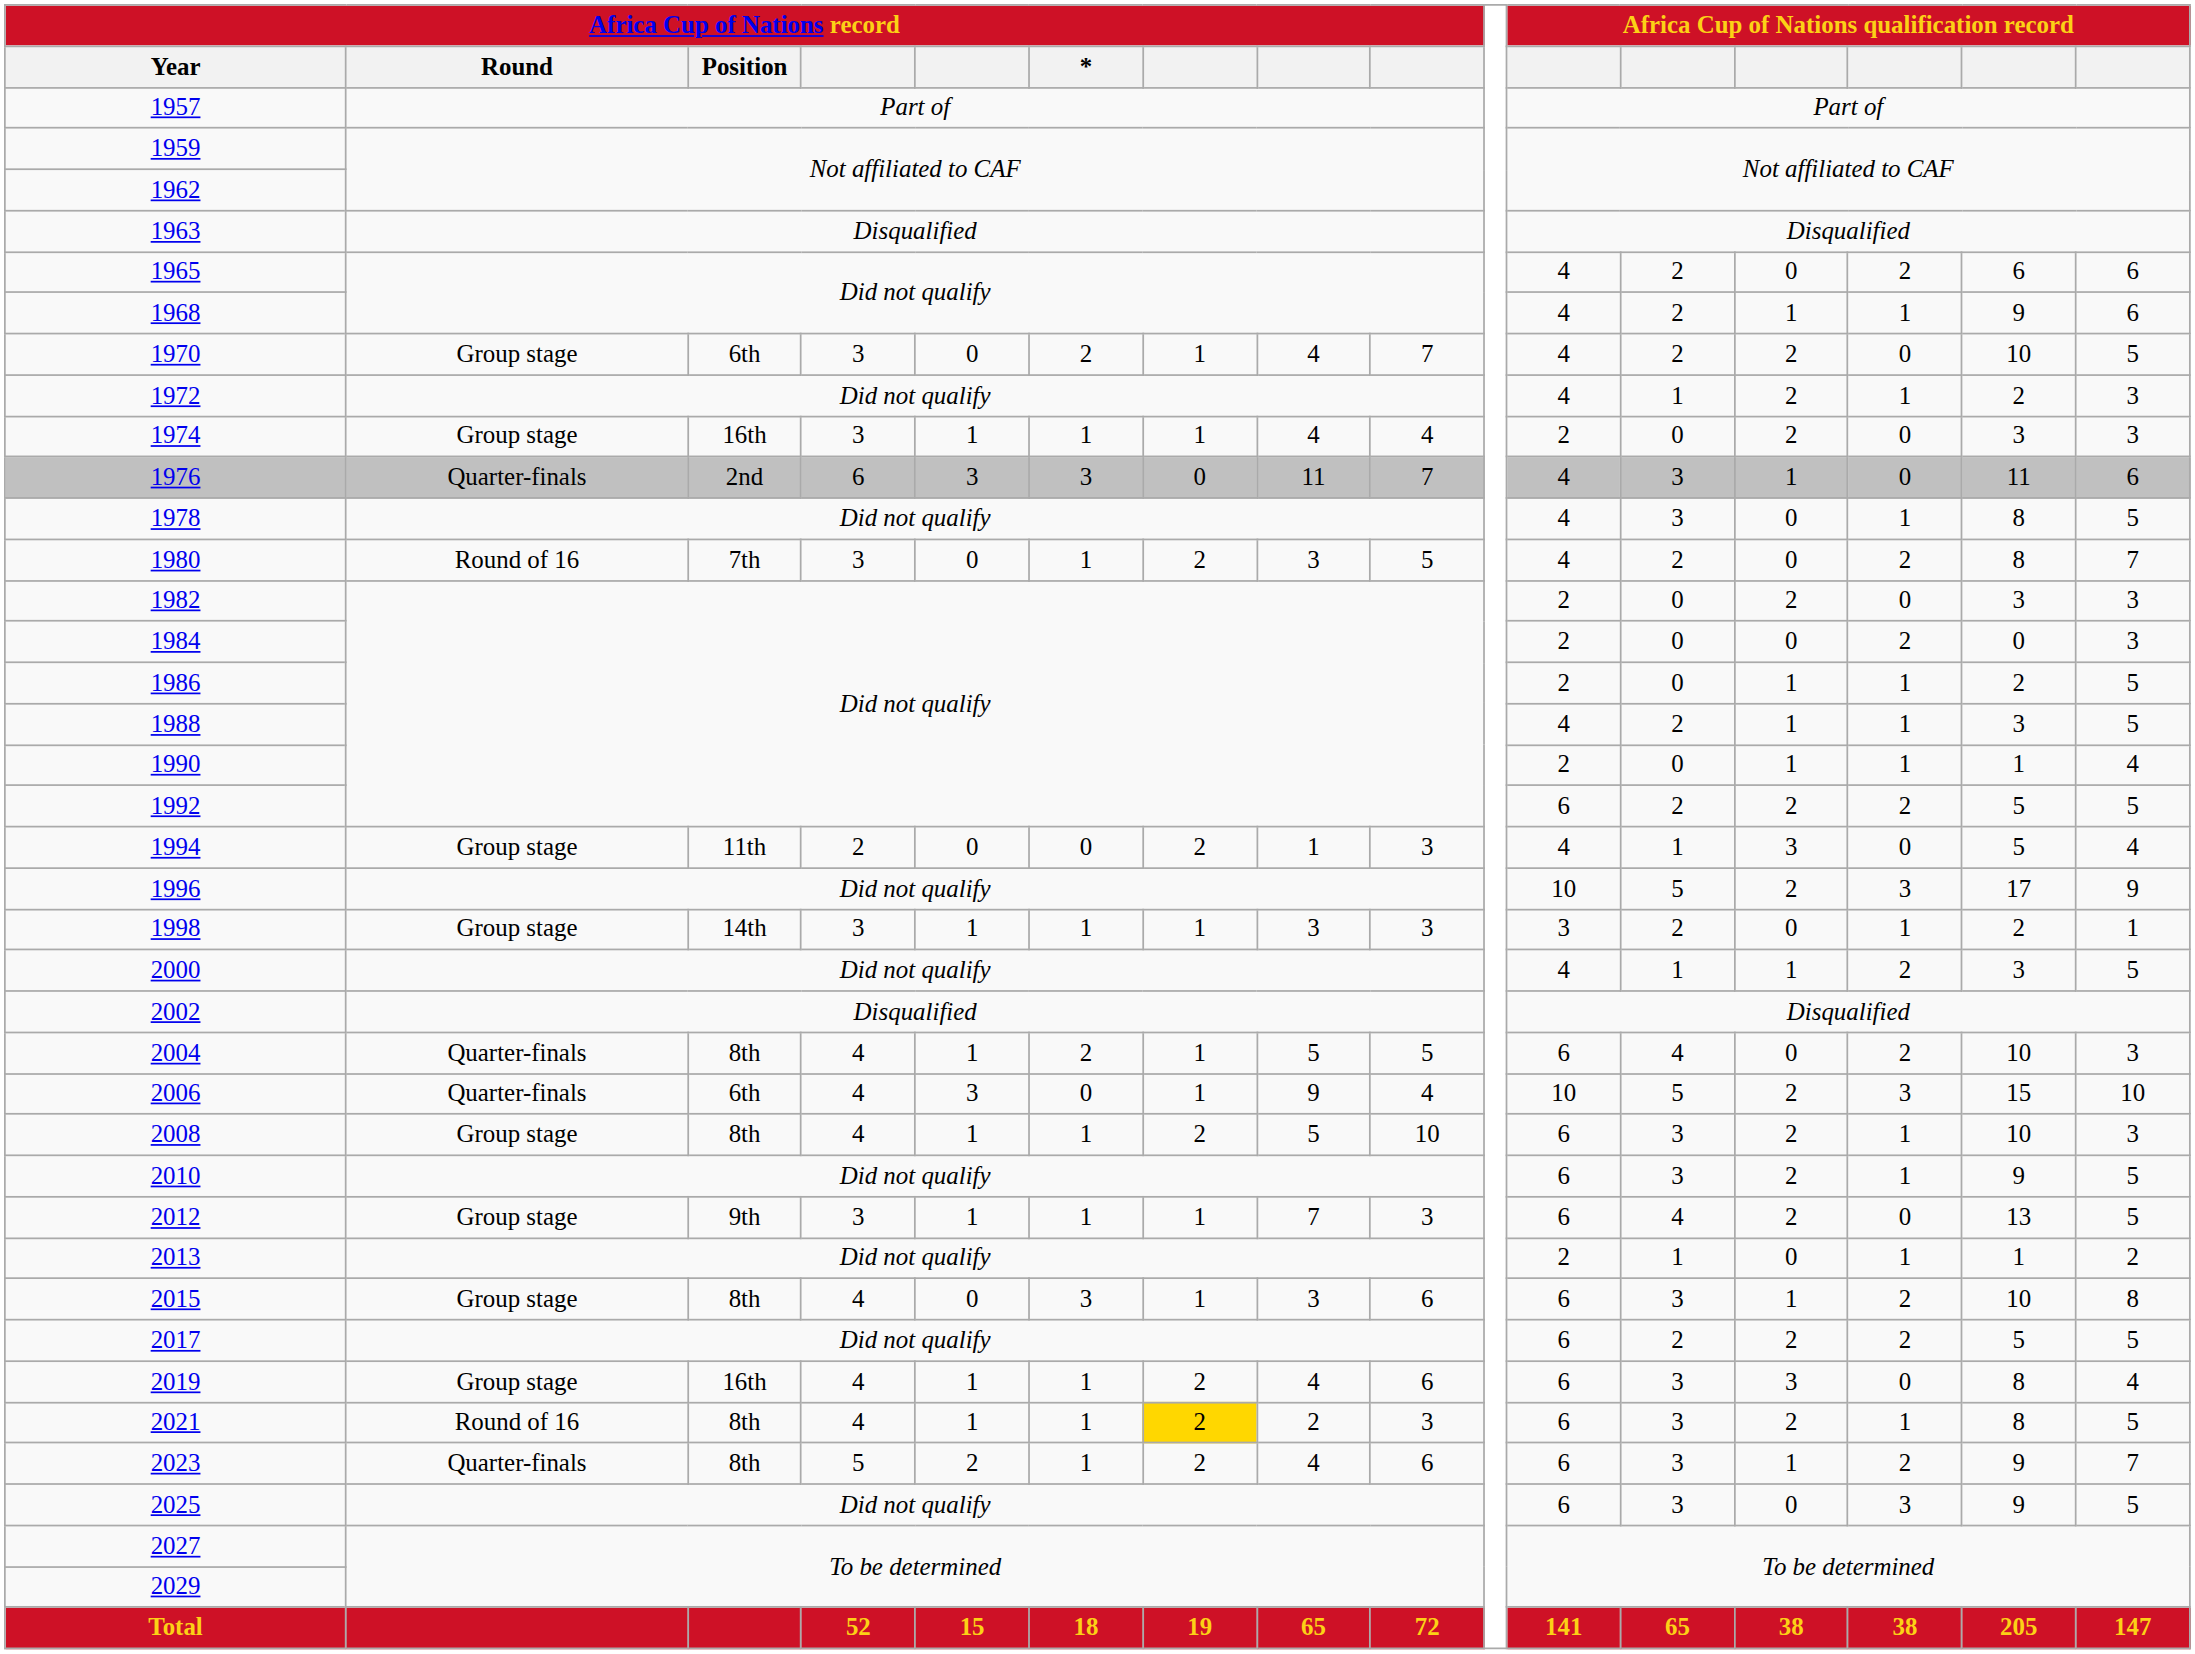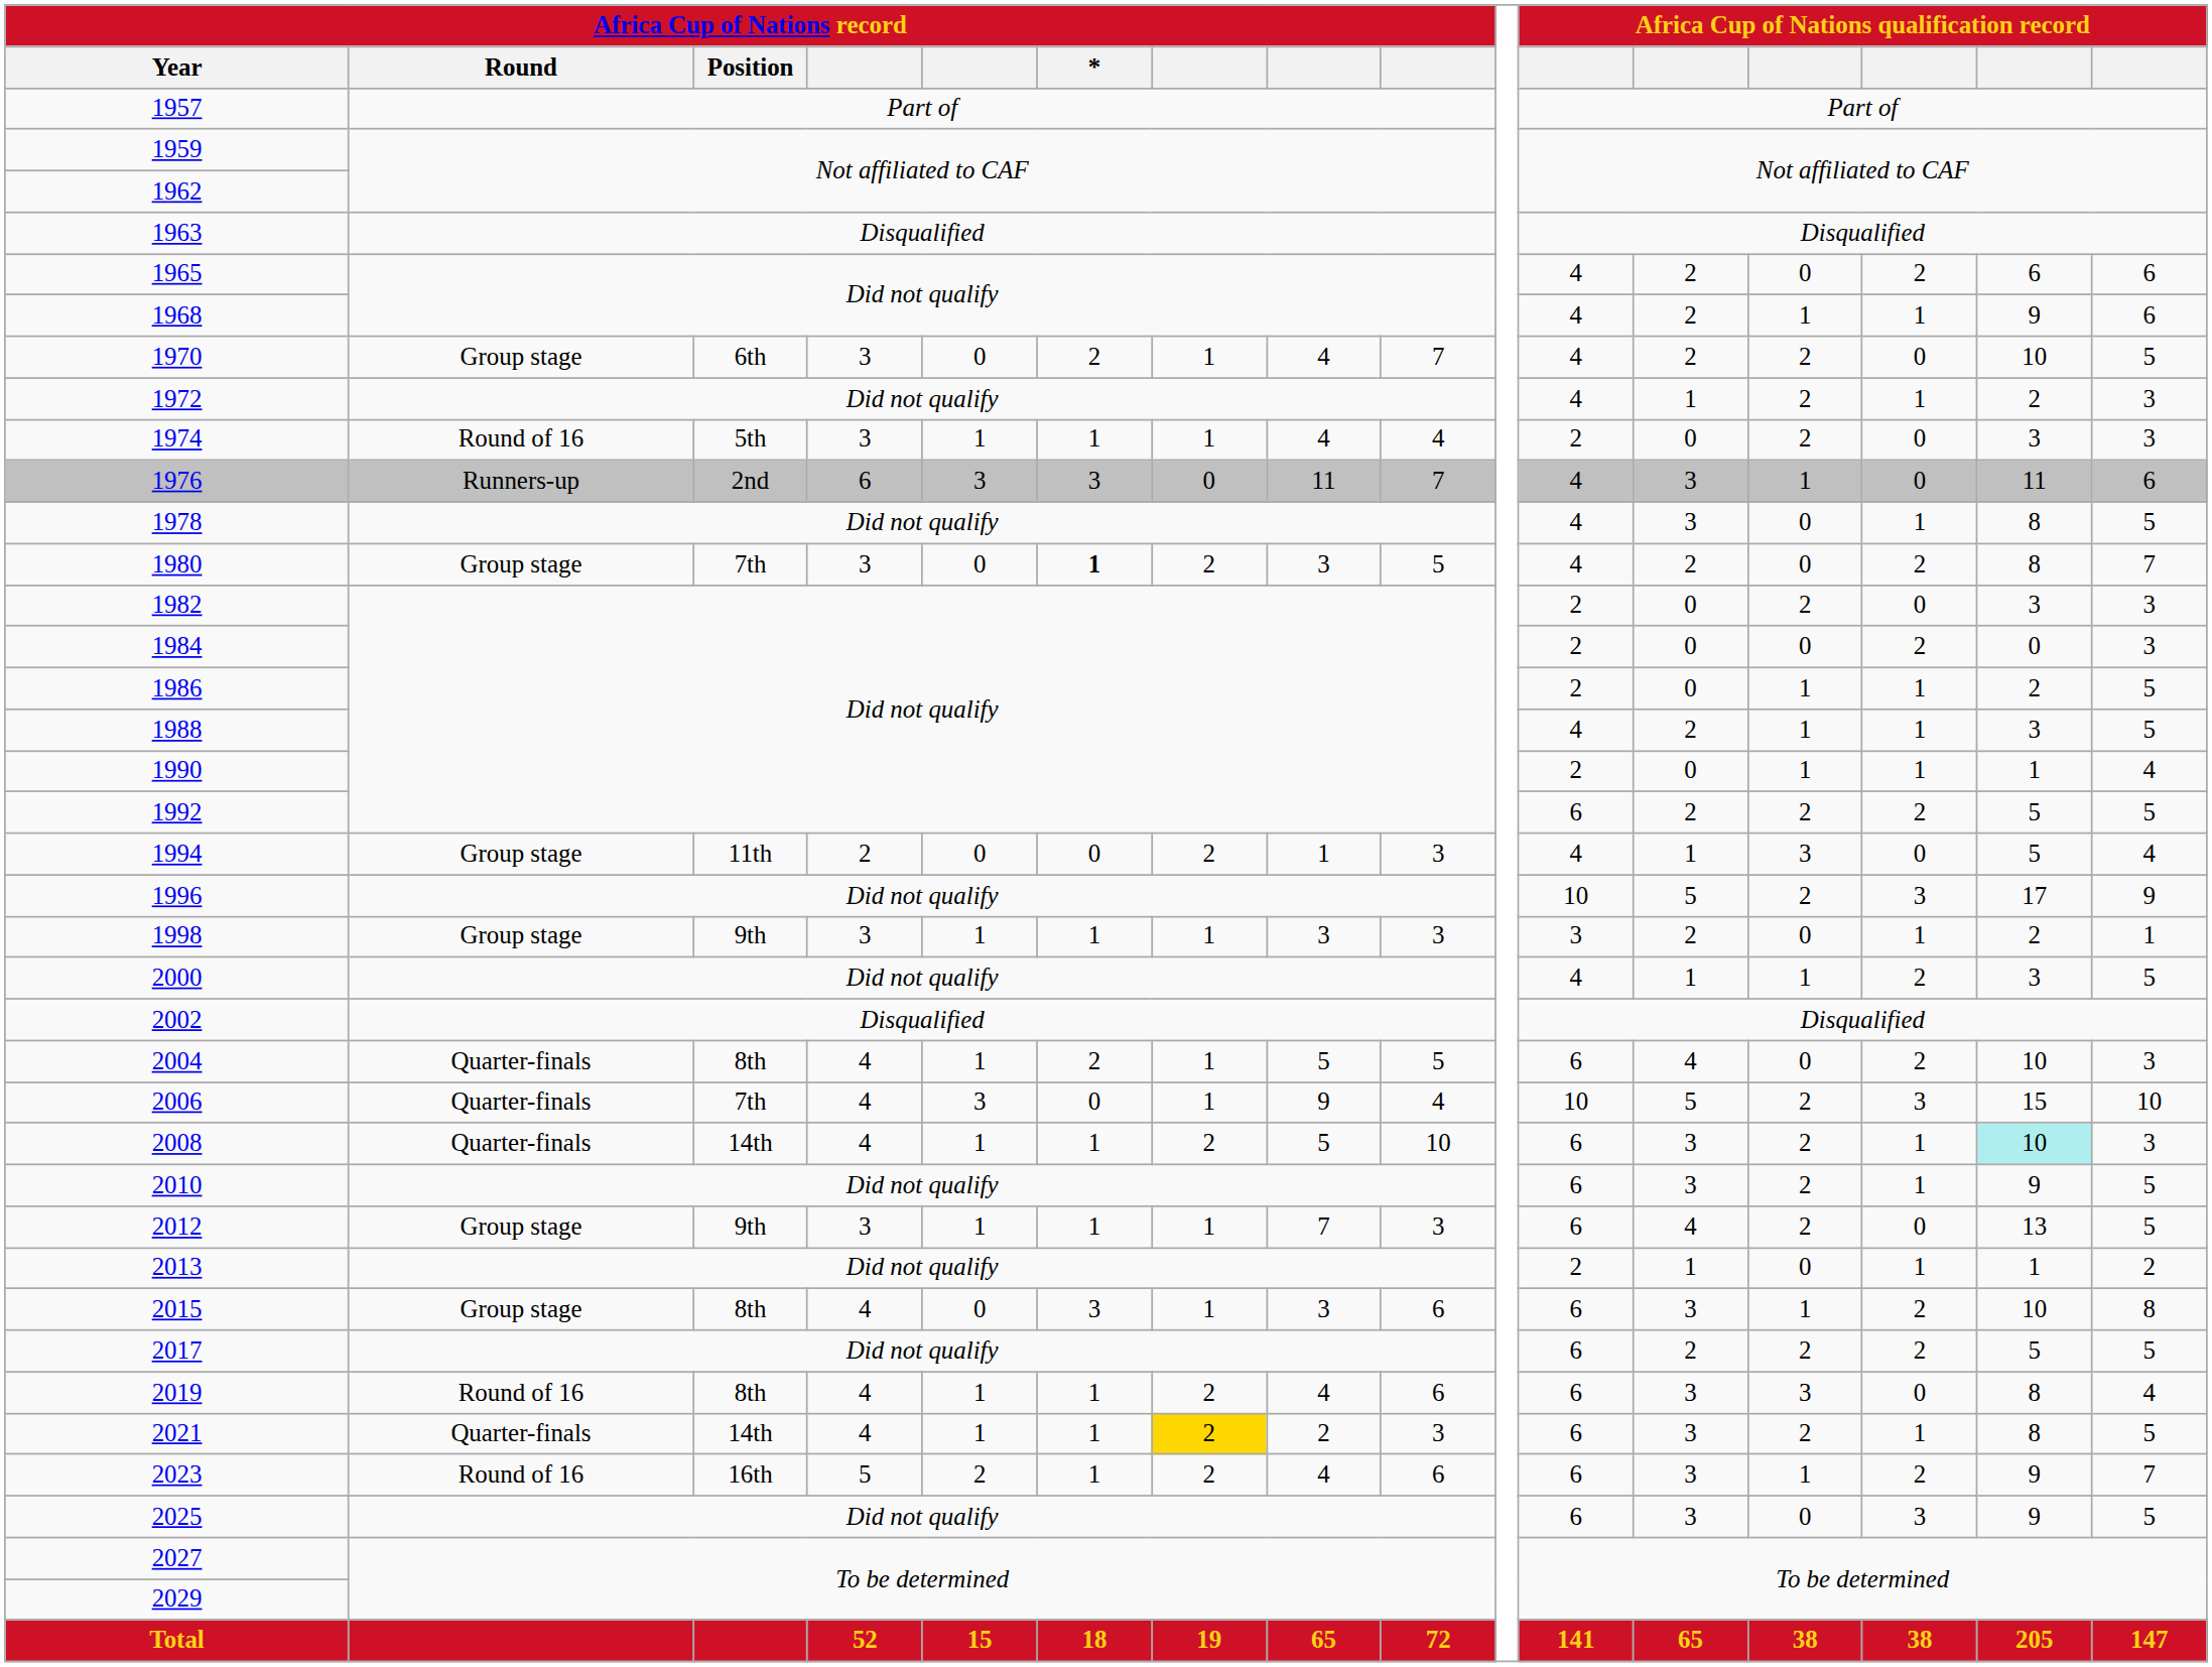 <table class="wikitable" class="wikitable" style="font-size:90%; text-align:center; width:100%">
 <tr>
 <th colspan="9" style="background:#CE1126; color:#FCD116; "><a href='#'><span>Africa Cup of Nations</span></a> record</th>
 <th rowspan="41" style="width:1%;background:white"></th>
 <th colspan="6" style="background:#CE1126; color:#FCD116; ">Africa Cup of Nations qualification record</th>
 </tr>
 <tr>
 <th width="15%">Year</th>
 <th width="15%">Round</th>
 <th width="5%">Position</th>
 <th width="5%"></th>
 <th width="5%"></th>
 <th width="5%">*</th>
 <th width="5%"></th>
 <th width="5%"></th>
 <th width="5%"></th>
 <th width="5%"></th>
 <th width="5%"></th>
 <th width="5%"></th>
 <th width="5%"></th>
 <th width="5%"></th>
 <th width="5%"></th>
 </tr>
 <tr>
 <td> <a href='#'>1957</a></td>
 <td colspan="8"><em>Part of </em></td>
 <td colspan=6><em>Part of </em></td>
 </tr>
 <tr>
 <td> <a href='#'>1959</a></td>
 <td colspan="8" rowspan="2"><em>Not affiliated to CAF</em></td>
 <td rowspan=2 colspan=6><em>Not affiliated to CAF</em></td>
 </tr>
 <tr>
 <td> <a href='#'>1962</a></td>
 </tr>
 <tr>
 <td> <a href='#'>1963</a></td>
 <td colspan="8"><em>Disqualified</em></td>
 <td colspan=6><em>Disqualified</em></td>
 </tr>
 <tr>
 <td> <a href='#'>1965</a></td>
 <td colspan="8" rowspan="2"><em>Did not qualify</em></td>
 <td>4</td>
 <td>2</td>
 <td>0</td>
 <td>2</td>
 <td>6</td>
 <td>6</td>
 </tr>
 <tr>
 <td> <a href='#'>1968</a></td>
 <td>4</td>
 <td>2</td>
 <td>1</td>
 <td>1</td>
 <td>9</td>
 <td>6</td>
 </tr>
 <tr>
 <td> <a href='#'>1970</a></td>
 <td>Group stage</td>
 <td>6th</td>
 <td>3</td>
 <td>0</td>
 <td>2</td>
 <td>1</td>
 <td>4</td>
 <td>7</td>
 <td>4</td>
 <td>2</td>
 <td>2</td>
 <td>0</td>
 <td>10</td>
 <td>5</td>
 </tr>
 <tr>
 <td> <a href='#'>1972</a></td>
 <td colspan="8"><em>Did not qualify</em></td>
 <td>4</td>
 <td>1</td>
 <td>2</td>
 <td>1</td>
 <td>2</td>
 <td>3</td>
 </tr>
 <tr>
 <td> <a href='#'>1974</a></td>
-<td>Group stage</td>
-<td>16th</td>
+<td>Round of 16</td>
+<td>5th</td>
 <td>3</td>
 <td>1</td>
 <td>1</td>
 <td>1</td>
 <td>4</td>
 <td>4</td>
 <td>2</td>
 <td>0</td>
 <td>2</td>
 <td>0</td>
 <td>3</td>
 <td>3</td>
 </tr>
 <tr style="background:silver;">
 <td> <a href='#'>1976</a></td>
-<td>Quarter-finals</td>
+<td>Runners-up</td>
 <td>2nd</td>
 <td>6</td>
 <td>3</td>
 <td>3</td>
 <td>0</td>
 <td>11</td>
 <td>7</td>
 <td>4</td>
 <td>3</td>
 <td>1</td>
 <td>0</td>
 <td>11</td>
 <td>6</td>
 </tr>
 <tr>
 <td> <a href='#'>1978</a></td>
 <td colspan="8"><em>Did not qualify</em></td>
 <td>4</td>
 <td>3</td>
 <td>0</td>
 <td>1</td>
 <td>8</td>
 <td>5</td>
 </tr>
 <tr>
 <td> <a href='#'>1980</a></td>
-<td>Round of 16</td>
+<td>Group stage</td>
 <td>7th</td>
 <td>3</td>
 <td>0</td>
-<td>1</td>
+<td><strong>1</strong></td>
 <td>2</td>
 <td>3</td>
 <td>5</td>
 <td>4</td>
 <td>2</td>
 <td>0</td>
 <td>2</td>
 <td>8</td>
 <td>7</td>
 </tr>
 <tr>
 <td> <a href='#'>1982</a></td>
 <td colspan=8 rowspan=6><em>Did not qualify</em></td>
 <td>2</td>
 <td>0</td>
 <td>2</td>
 <td>0</td>
 <td>3</td>
 <td>3</td>
 </tr>
 <tr>
 <td> <a href='#'>1984</a></td>
 <td>2</td>
 <td>0</td>
 <td>0</td>
 <td>2</td>
 <td>0</td>
 <td>3</td>
 </tr>
 <tr>
 <td> <a href='#'>1986</a></td>
 <td>2</td>
 <td>0</td>
 <td>1</td>
 <td>1</td>
 <td>2</td>
 <td>5</td>
 </tr>
 <tr>
 <td> <a href='#'>1988</a></td>
 <td>4</td>
 <td>2</td>
 <td>1</td>
 <td>1</td>
 <td>3</td>
 <td>5</td>
 </tr>
 <tr>
 <td> <a href='#'>1990</a></td>
 <td>2</td>
 <td>0</td>
 <td>1</td>
 <td>1</td>
 <td>1</td>
 <td>4</td>
 </tr>
 <tr>
 <td> <a href='#'>1992</a></td>
 <td>6</td>
 <td>2</td>
 <td>2</td>
 <td>2</td>
 <td>5</td>
 <td>5</td>
 </tr>
 <tr>
 <td> <a href='#'>1994</a></td>
 <td>Group stage</td>
 <td>11th</td>
 <td>2</td>
 <td>0</td>
 <td>0</td>
 <td>2</td>
 <td>1</td>
 <td>3</td>
 <td>4</td>
 <td>1</td>
 <td>3</td>
 <td>0</td>
 <td>5</td>
 <td>4</td>
 </tr>
 <tr>
 <td> <a href='#'>1996</a></td>
 <td colspan=8><em>Did not qualify</em></td>
 <td>10</td>
 <td>5</td>
 <td>2</td>
 <td>3</td>
 <td>17</td>
 <td>9</td>
 </tr>
 <tr>
 <td> <a href='#'>1998</a></td>
 <td>Group stage</td>
-<td>14th</td>
+<td>9th</td>
 <td>3</td>
 <td>1</td>
 <td>1</td>
 <td>1</td>
 <td>3</td>
 <td>3</td>
 <td>3</td>
 <td>2</td>
 <td>0</td>
 <td>1</td>
 <td>2</td>
 <td>1</td>
 </tr>
 <tr>
 <td>  <a href='#'>2000</a></td>
 <td colspan=8><em>Did not qualify</em></td>
 <td>4</td>
 <td>1</td>
 <td>1</td>
 <td>2</td>
 <td>3</td>
 <td>5</td>
 </tr>
 <tr>
 <td> <a href='#'>2002</a></td>
 <td colspan=8><em>Disqualified</em></td>
 <td colspan="6"><em>Disqualified</em></td>
 </tr>
 <tr>
 <td> <a href='#'>2004</a></td>
 <td>Quarter-finals</td>
 <td>8th</td>
 <td>4</td>
 <td>1</td>
 <td>2</td>
 <td>1</td>
 <td>5</td>
 <td>5</td>
 <td>6</td>
 <td>4</td>
 <td>0</td>
 <td>2</td>
 <td>10</td>
 <td>3</td>
 </tr>
 <tr>
 <td> <a href='#'>2006</a></td>
 <td>Quarter-finals</td>
-<td>6th</td>
+<td>7th</td>
 <td>4</td>
 <td>3</td>
 <td>0</td>
 <td>1</td>
 <td>9</td>
 <td>4</td>
 <td>10</td>
 <td>5</td>
 <td>2</td>
 <td>3</td>
 <td>15</td>
 <td>10</td>
 </tr>
 <tr>
 <td> <a href='#'>2008</a></td>
-<td>Group stage</td>
-<td>8th</td>
+<td>Quarter-finals</td>
+<td>14th</td>
 <td>4</td>
 <td>1</td>
 <td>1</td>
 <td>2</td>
 <td>5</td>
 <td>10</td>
 <td>6</td>
 <td>3</td>
 <td>2</td>
 <td>1</td>
-<td>10</td>
+<td style="background: paleturquoise;">10</td>
 <td>3</td>
 </tr>
 <tr>
 <td> <a href='#'>2010</a></td>
 <td colspan=8><em>Did not qualify</em></td>
 <td>6</td>
 <td>3</td>
 <td>2</td>
 <td>1</td>
 <td>9</td>
 <td>5</td>
 </tr>
 <tr>
 <td>  <a href='#'>2012</a></td>
 <td>Group stage</td>
 <td>9th</td>
 <td>3</td>
 <td>1</td>
 <td>1</td>
 <td>1</td>
 <td>7</td>
 <td>3</td>
 <td>6</td>
 <td>4</td>
 <td>2</td>
 <td>0</td>
 <td>13</td>
 <td>5</td>
 </tr>
 <tr>
 <td> <a href='#'>2013</a></td>
 <td colspan=8><em>Did not qualify</em></td>
 <td>2</td>
 <td>1</td>
 <td>0</td>
 <td>1</td>
 <td>1</td>
 <td>2</td>
 </tr>
 <tr>
 <td> <a href='#'>2015</a></td>
 <td>Group stage</td>
 <td>8th</td>
 <td>4</td>
 <td>0</td>
 <td>3</td>
 <td>1</td>
 <td>3</td>
 <td>6</td>
 <td>6</td>
 <td>3</td>
 <td>1</td>
 <td>2</td>
 <td>10</td>
 <td>8</td>
 </tr>
 <tr>
 <td> <a href='#'>2017</a></td>
 <td colspan="8"><em>Did not qualify</em></td>
 <td>6</td>
 <td>2</td>
 <td>2</td>
 <td>2</td>
 <td>5</td>
 <td>5</td>
 </tr>
 <tr>
 <td> <a href='#'>2019</a></td>
-<td>Group stage</td>
-<td>16th</td>
+<td>Round of 16</td>
+<td>8th</td>
 <td>4</td>
 <td>1</td>
 <td>1</td>
 <td>2</td>
 <td>4</td>
 <td>6</td>
 <td>6</td>
 <td>3</td>
 <td>3</td>
 <td>0</td>
 <td>8</td>
 <td>4</td>
 </tr>
 <tr>
 <td> <a href='#'>2021</a></td>
-<td>Round of 16</td>
-<td>8th</td>
+<td>Quarter-finals</td>
+<td>14th</td>
 <td>4</td>
 <td>1</td>
 <td>1</td>
 <td style="background: gold;">2</td>
 <td>2</td>
 <td>3</td>
 <td>6</td>
 <td>3</td>
 <td>2</td>
 <td>1</td>
 <td>8</td>
 <td>5</td>
 </tr>
 <tr>
 <td> <a href='#'>2023</a></td>
-<td>Quarter-finals</td>
-<td>8th</td>
+<td>Round of 16</td>
+<td>16th</td>
 <td>5</td>
 <td>2</td>
 <td>1</td>
 <td>2</td>
 <td>4</td>
 <td>6</td>
 <td>6</td>
 <td>3</td>
 <td>1</td>
 <td>2</td>
 <td>9</td>
 <td>7</td>
 </tr>
 <tr>
 <td> <a href='#'>2025</a></td>
 <td colspan=8><em>Did not qualify</em></td>
 <td>6</td>
 <td>3</td>
 <td>0</td>
 <td>3</td>
 <td>9</td>
 <td>5</td>
 </tr>
 <tr>
 <td> <a href='#'>2027</a></td>
 <td colspan=8 rowspan=2><em>To be determined</em></td>
 <td colspan=6 rowspan=2><em>To be determined</em></td>
 </tr>
 <tr>
 <td> <a href='#'>2029</a></td>
 </tr>
 <tr>
 <th style="background:#CE1126; color:#FCD116; ">Total</th>
 <th style="background:#CE1126; color:#FCD116; "></th>
 <th style="background:#CE1126; color:#FCD116; "></th>
 <th style="background:#CE1126; color:#FCD116; ">52</th>
 <th style="background:#CE1126; color:#FCD116; ">15</th>
 <th style="background:#CE1126; color:#FCD116; ">18</th>
 <th style="background:#CE1126; color:#FCD116; ">19</th>
 <th style="background:#CE1126; color:#FCD116; ">65</th>
 <th style="background:#CE1126; color:#FCD116; ">72</th>
 <th style="background:#CE1126; color:#FCD116; ">141</th>
 <th style="background:#CE1126; color:#FCD116; ">65</th>
 <th style="background:#CE1126; color:#FCD116; ">38</th>
 <th style="background:#CE1126; color:#FCD116; ">38</th>
 <th style="background:#CE1126; color:#FCD116; ">205</th>
 <th style="background:#CE1126; color:#FCD116; ">147</th>
 </tr>
 </table>
